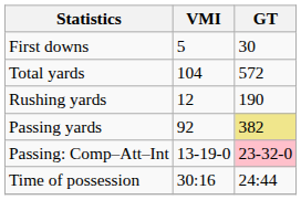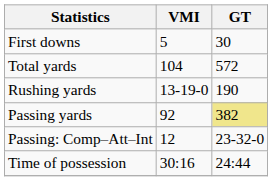 <table class="wikitable" style="float: left;">
 <tr>
 <th>Statistics</th>
 <th>VMI</th>
 <th>GT</th>
 </tr>
 <tr>
 <td>First downs</td>
 <td>5</td>
 <td>30</td>
 </tr>
 <tr>
 <td>Total yards</td>
 <td>104</td>
 <td>572</td>
 </tr>
 <tr>
 <td>Rushing yards</td>
-<td>12</td>
+<td>13-19-0</td>
 <td>190</td>
 </tr>
 <tr>
 <td>Passing yards</td>
 <td>92</td>
 <td style="background: khaki;">382</td>
 </tr>
 <tr>
 <td>Passing: Comp–Att–Int</td>
-<td>13-19-0</td>
-<td style="background: pink;">23-32-0</td>
+<td>12</td>
+<td>23-32-0</td>
 </tr>
 <tr>
 <td>Time of possession</td>
 <td>30:16</td>
 <td>24:44</td>
 </tr>
 <tr>
 </tr>
 </table>
